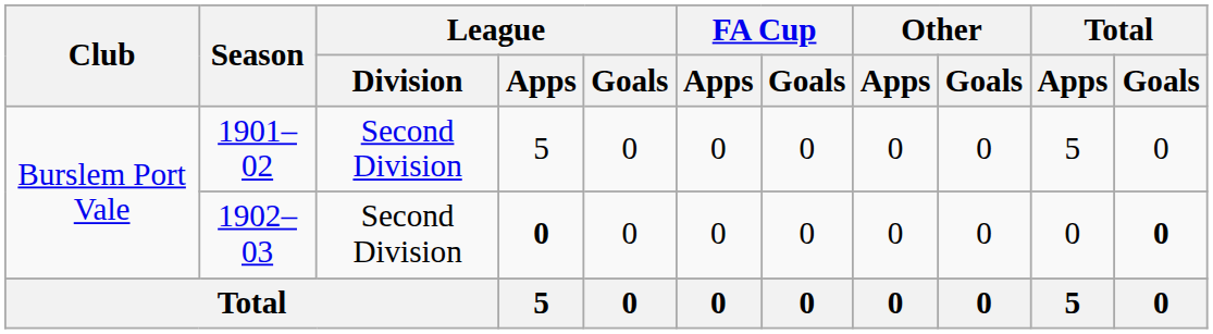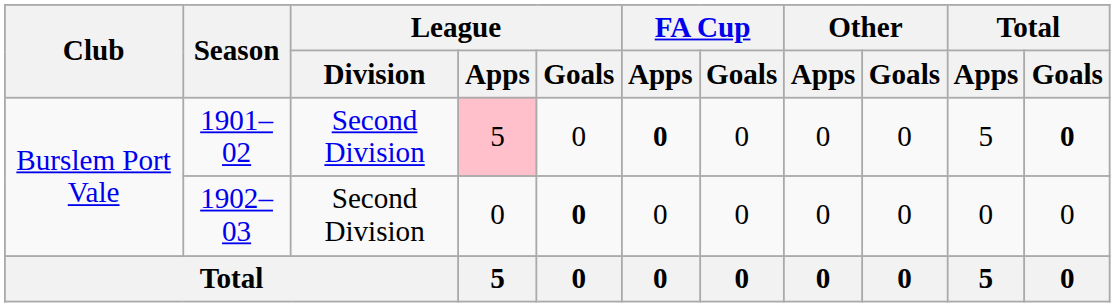 <table class="wikitable" style="text-align:center">
 <tr>
 <th rowspan="2">Club</th>
 <th rowspan="2">Season</th>
 <th colspan="3">League</th>
 <th colspan="2"><a href='#'>FA Cup</a></th>
 <th colspan="2">Other</th>
 <th colspan="2">Total</th>
 </tr>
 <tr>
 <th>Division</th>
 <th>Apps</th>
 <th>Goals</th>
 <th>Apps</th>
 <th>Goals</th>
 <th>Apps</th>
 <th>Goals</th>
 <th>Apps</th>
 <th>Goals</th>
 </tr>
 <tr>
 <td rowspan="2"><a href='#'>Burslem Port Vale</a></td>
 <td><a href='#'>1901–02</a></td>
 <td><a href='#'>Second Division</a></td>
-<td>5</td>
+<td style="background: pink;">5</td>
 <td>0</td>
-<td>0</td>
+<td><strong>0</strong></td>
 <td>0</td>
 <td>0</td>
 <td>0</td>
 <td>5</td>
-<td>0</td>
+<td><strong>0</strong></td>
 </tr>
 <tr>
 <td><a href='#'>1902–03</a></td>
 <td>Second Division</td>
+<td>0</td>
 <td><strong>0</strong></td>
 <td>0</td>
 <td>0</td>
 <td>0</td>
 <td>0</td>
 <td>0</td>
 <td>0</td>
-<td><strong>0</strong></td>
 </tr>
 <tr>
 <th colspan="3">Total</th>
 <th>5</th>
 <th>0</th>
 <th>0</th>
 <th>0</th>
 <th>0</th>
 <th>0</th>
 <th>5</th>
 <th>0</th>
 </tr>
 </table>
